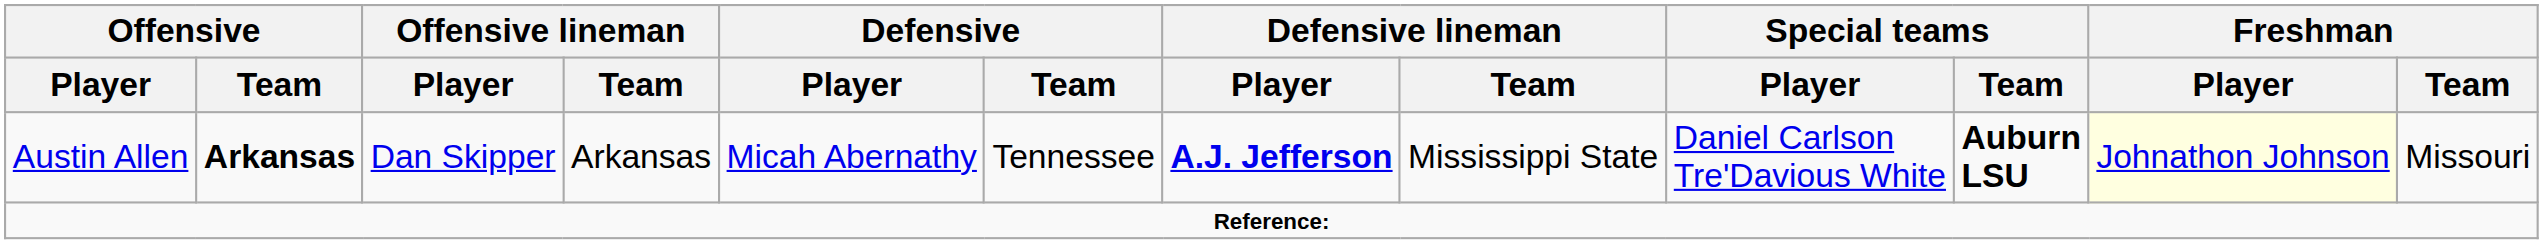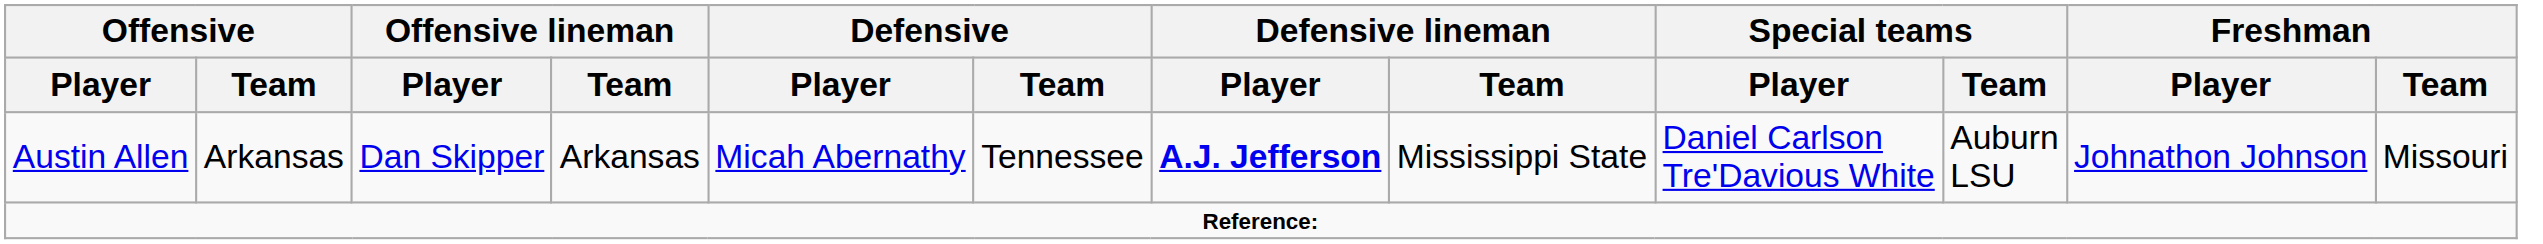 <table class="wikitable">
 <tr>
 <th colspan="2">Offensive</th>
 <th colspan="2">Offensive lineman</th>
 <th colspan="2">Defensive</th>
 <th colspan="2">Defensive lineman</th>
 <th colspan="2">Special teams</th>
 <th colspan="2">Freshman</th>
 </tr>
 <tr>
 <th>Player</th>
 <th>Team</th>
 <th>Player</th>
 <th>Team</th>
 <th>Player</th>
 <th>Team</th>
 <th>Player</th>
 <th>Team</th>
 <th>Player</th>
 <th>Team</th>
 <th>Player</th>
 <th>Team</th>
 </tr>
 <tr>
 <td><a href='#'>Austin Allen</a></td>
-<td><strong>Arkansas</strong></td>
+<td>Arkansas</td>
 <td><a href='#'>Dan Skipper</a></td>
 <td>Arkansas</td>
 <td><a href='#'>Micah Abernathy</a></td>
 <td>Tennessee</td>
 <td><strong><a href='#'>A.J. Jefferson</a></strong></td>
 <td>Mississippi State</td>
 <td><a href='#'>Daniel Carlson</a><br><a href='#'>Tre'Davious White</a></td>
-<td><strong>Auburn<br>LSU</strong></td>
-<td style="background: lightyellow;"><a href='#'>Johnathon Johnson</a></td>
+<td>Auburn<br>LSU</td>
+<td><a href='#'>Johnathon Johnson</a></td>
 <td>Missouri</td>
 </tr>
 <tr>
 <td colspan="12"  style="font-size:8pt; text-align:center;"><strong>Reference:</strong></td>
 </tr>
 </table>
